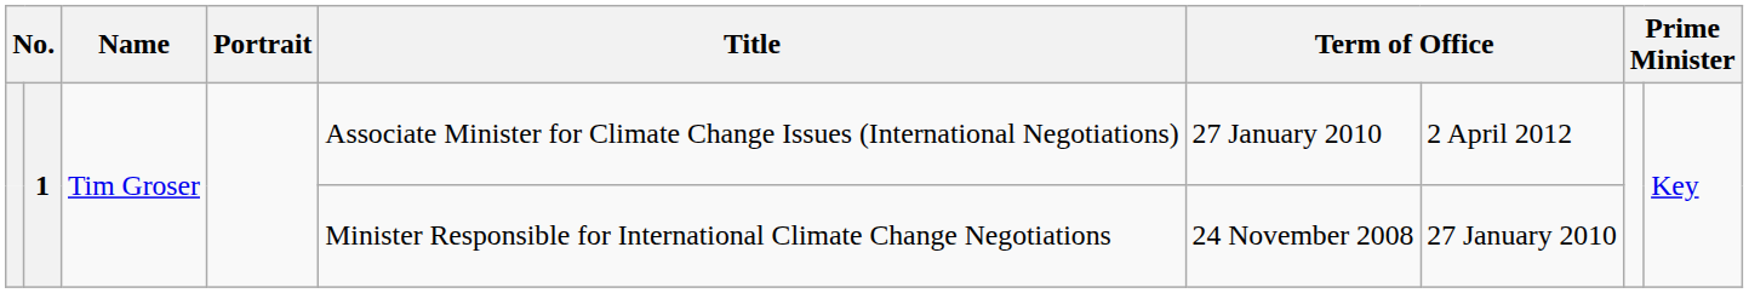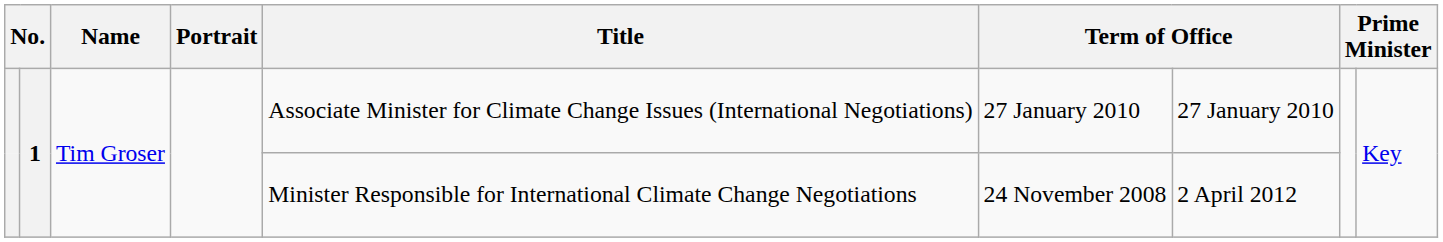 <table class="wikitable">
 <tr>
 <th colspan="2">No.</th>
 <th>Name</th>
 <th>Portrait</th>
 <th>Title</th>
 <th colspan="2">Term of Office</th>
 <th colspan="2">Prime<br>Minister</th>
 </tr>
 <tr>
 <th height=50 style="border-bottom:solid 0 grey; background:"></th>
 <th rowspan="2">1</th>
 <td rowspan="2"><a href='#'>Tim Groser</a></td>
 <td rowspan="2"></td>
 <td>Associate Minister for Climate Change Issues (International Negotiations)</td>
 <td>27 January 2010</td>
-<td>2 April 2012</td>
+<td>27 January 2010</td>
 <td rowspan="2" style="color:inherit;background:"></td>
 <td rowspan="2"><a href='#'>Key</a></td>
 </tr>
 <tr>
 <th height=50 style="border-top:solid 0 grey; background:"></th>
 <td>Minister Responsible for International Climate Change Negotiations</td>
 <td>24 November 2008</td>
-<td>27 January 2010</td>
+<td>2 April 2012</td>
 </tr>
 </table>
